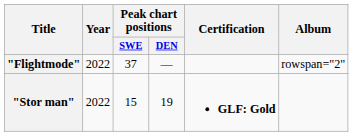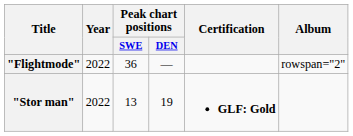 <table class="wikitable plainrowheaders" style="text-align:center;">
 <tr>
 <th scope="col" rowspan="2">Title</th>
 <th scope="col" rowspan="2">Year</th>
 <th scope="col" colspan="2">Peak chart positions</th>
 <th scope="col" rowspan="2">Certification</th>
 <th scope="col" rowspan="2">Album</th>
 </tr>
 <tr>
 <th scope="col" style="width:3em;font-size:85%;"><a href='#'>SWE</a><br></th>
 <th scope="col" style="width:3em;font-size:85%;"><a href='#'>DEN</a><br></th>
 </tr>
 <tr>
 <th scope="row">"Flightmode"<br></th>
 <td>2022</td>
-<td>37</td>
+<td>36</td>
 <td>—</td>
 <td></td>
 <td>rowspan="2" </td>
 </tr>
 <tr>
 <th scope="row">"Stor man"<br></th>
 <td>2022</td>
-<td>15</td>
+<td>13</td>
 <td>19</td>
 <td><strong><br><ul><li>GLF: Gold</li></ul></strong></td>
 </tr>
 </table>
